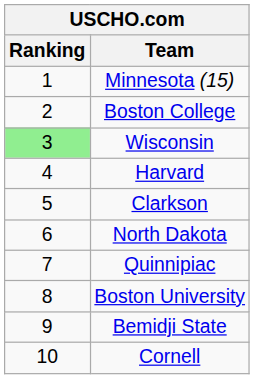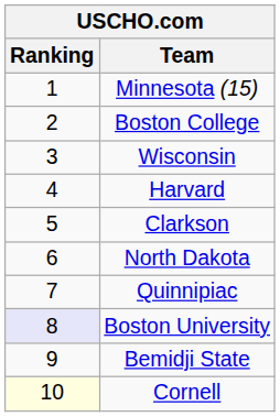 <table class="wikitable" style="text-align:center;">
 <tr>
 <th colspan=2><strong>USCHO.com</strong></th>
 </tr>
 <tr>
 <th>Ranking</th>
 <th>Team</th>
 </tr>
 <tr>
 <td>1</td>
 <td><a href='#'>Minnesota</a> <em>(15)</em></td>
 </tr>
 <tr>
 <td>2</td>
 <td><a href='#'>Boston College</a></td>
 </tr>
 <tr>
-<td style="background: lightgreen;">3</td>
+<td>3</td>
 <td><a href='#'>Wisconsin</a></td>
 </tr>
 <tr>
 <td>4</td>
 <td><a href='#'>Harvard</a></td>
 </tr>
 <tr>
 <td>5</td>
 <td><a href='#'>Clarkson</a></td>
 </tr>
 <tr>
 <td>6</td>
 <td><a href='#'>North Dakota</a></td>
 </tr>
 <tr>
 <td>7</td>
 <td><a href='#'>Quinnipiac</a></td>
 </tr>
 <tr>
-<td>8</td>
+<td style="background: lavender;">8</td>
 <td><a href='#'>Boston University</a></td>
 </tr>
 <tr>
 <td>9</td>
 <td><a href='#'>Bemidji State</a></td>
 </tr>
 <tr>
-<td>10</td>
+<td style="background: lightyellow;">10</td>
 <td><a href='#'>Cornell</a></td>
 </tr>
 </table>
